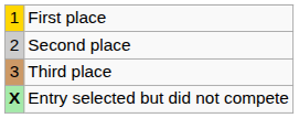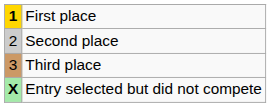 <table class="wikitable">
 <tr>
 </tr>
 <tr>
-<td style="text-align:center; background-color:#FFD700;">1</td>
+<td style="text-align:center; background-color:#FFD700;"><strong>1</strong></td>
 <td>First place</td>
 </tr>
 <tr>
 <td style="text-align:center; background-color:#CCC;">2</td>
 <td>Second place</td>
 </tr>
 <tr>
 <td style="text-align:center; background-color:#C96;">3</td>
 <td>Third place</td>
 </tr>
 <tr>
 <td style="text-align:center; background-color:#A4EAA9;"><strong>X</strong></td>
 <td>Entry selected but did not compete<br></td>
 </tr>
 </table>
